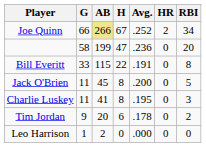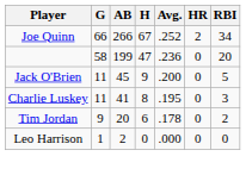 <table class="wikitable sortable" style="text-align:center;">
 <tr>
 <th>Player</th>
 <th>G</th>
 <th>AB</th>
 <th>H</th>
 <th>Avg.</th>
 <th>HR</th>
 <th>RBI</th>
 </tr>
 <tr>
 <td><a href='#'>Joe Quinn</a></td>
 <td>66</td>
-<td style="background: khaki;">266</td>
+<td>266</td>
 <td>67</td>
 <td>.252</td>
 <td>2</td>
 <td>34</td>
 </tr>
 <tr>
 <td></td>
 <td>58</td>
 <td>199</td>
 <td>47</td>
 <td>.236</td>
 <td>0</td>
 <td>20</td>
 </tr>
 <tr>
-<td><a href='#'>Bill Everitt</a></td>
-<td>33</td>
-<td>115</td>
-<td>22</td>
-<td>.191</td>
-<td>0</td>
-<td>8</td>
-</tr>
-<tr>
 <td><a href='#'>Jack O'Brien</a></td>
 <td>11</td>
 <td>45</td>
-<td>8</td>
+<td>9</td>
 <td>.200</td>
 <td>0</td>
 <td>5</td>
 </tr>
 <tr>
 <td><a href='#'>Charlie Luskey</a></td>
 <td>11</td>
 <td>41</td>
 <td>8</td>
 <td>.195</td>
 <td>0</td>
 <td>3</td>
 </tr>
 <tr>
 <td><a href='#'>Tim Jordan</a></td>
 <td>9</td>
 <td>20</td>
 <td>6</td>
 <td>.178</td>
 <td>0</td>
 <td>2</td>
 </tr>
 <tr>
 <td>Leo Harrison</td>
 <td>1</td>
 <td>2</td>
 <td>0</td>
 <td>.000</td>
 <td>0</td>
 <td>0</td>
 </tr>
 </table>
